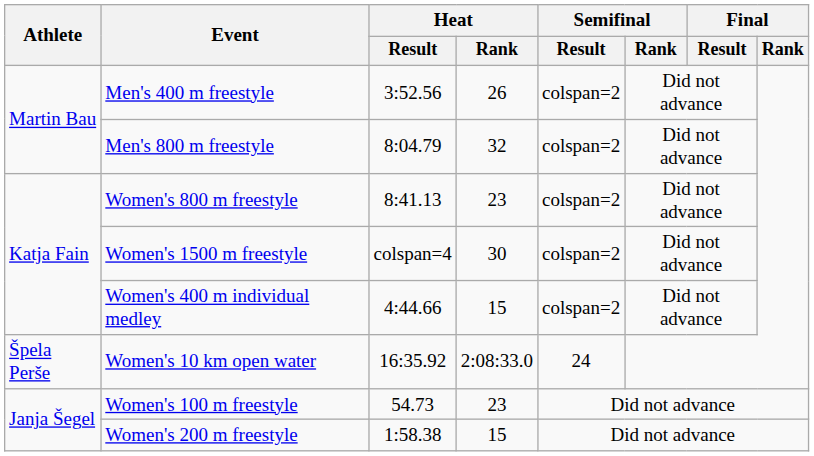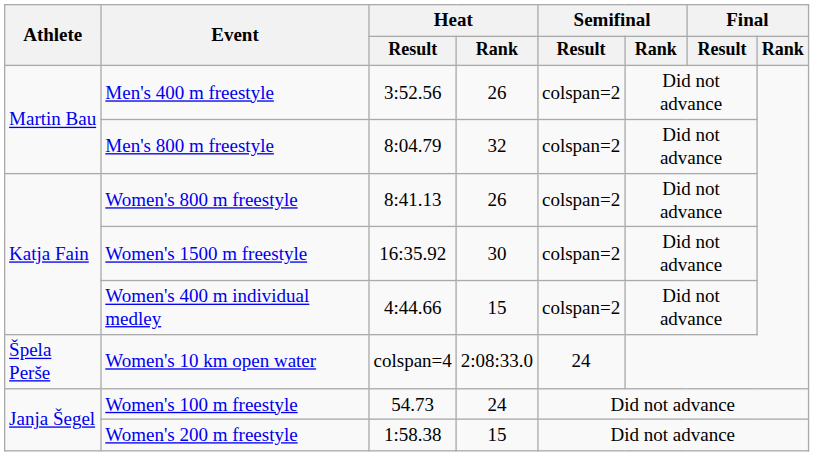 <table class=wikitable style="font-size:90%">
 <tr>
 <th rowspan="2">Athlete</th>
 <th rowspan="2">Event</th>
 <th colspan="2">Heat</th>
 <th colspan="2">Semifinal</th>
 <th colspan="2">Final</th>
 </tr>
 <tr style="font-size:95%">
 <th>Result</th>
 <th>Rank</th>
 <th>Result</th>
 <th>Rank</th>
 <th>Result</th>
 <th>Rank</th>
 </tr>
 <tr align=center>
 <td align=left rowspan=2><a href='#'>Martin Bau</a></td>
 <td align=left><a href='#'>Men's 400 m freestyle</a></td>
 <td>3:52.56</td>
 <td>26</td>
 <td>colspan=2 </td>
 <td colspan="2">Did not advance</td>
 </tr>
 <tr align=center>
 <td align=left><a href='#'>Men's 800 m freestyle</a></td>
 <td>8:04.79</td>
 <td>32</td>
 <td>colspan=2 </td>
 <td colspan="2">Did not advance</td>
 </tr>
 <tr align=center>
 <td align=left rowspan=3><a href='#'>Katja Fain</a></td>
 <td align=left><a href='#'>Women's 800 m freestyle</a></td>
 <td>8:41.13</td>
-<td>23</td>
+<td>26</td>
 <td>colspan=2 </td>
 <td colspan="2">Did not advance</td>
 </tr>
 <tr align=center>
 <td align=left><a href='#'>Women's 1500 m freestyle</a></td>
-<td>colspan=4 </td>
+<td>16:35.92</td>
 <td>30</td>
 <td>colspan=2 </td>
 <td colspan="2">Did not advance</td>
 </tr>
 <tr align=center>
 <td align=left><a href='#'>Women's 400 m individual medley</a></td>
 <td>4:44.66</td>
 <td>15</td>
 <td>colspan=2 </td>
 <td colspan="2">Did not advance</td>
 </tr>
 <tr align=center>
 <td align=left><a href='#'>Špela Perše</a></td>
 <td align=left><a href='#'>Women's 10 km open water</a></td>
-<td>16:35.92</td>
+<td>colspan=4 </td>
 <td>2:08:33.0</td>
 <td>24</td>
 </tr>
 <tr align=center>
 <td align=left rowspan=2><a href='#'>Janja Šegel</a></td>
 <td align=left><a href='#'>Women's 100 m freestyle</a></td>
 <td>54.73</td>
-<td>23</td>
+<td>24</td>
 <td colspan="4">Did not advance</td>
 </tr>
 <tr align=center>
 <td align=left><a href='#'>Women's 200 m freestyle</a></td>
 <td>1:58.38</td>
 <td>15</td>
 <td colspan="4">Did not advance</td>
 </tr>
 </table>
